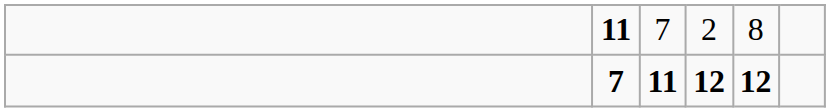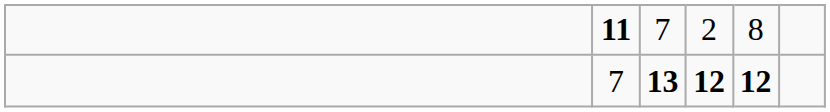 <table class="wikitable">
 <tr>
 <td style="width:18em"></td>
 <td align=center style="width:1em"><strong>11</strong></td>
 <td align=center style="width:1em">7</td>
 <td align=center style="width:1em">2</td>
 <td align=center style="width:1em">8</td>
 <td align=center style="width:1em"></td>
 </tr>
 <tr>
 <td style="width:18em"><strong></strong></td>
-<td align=center style="width:1em"><strong>7</strong></td>
-<td align=center style="width:1em"><strong>11</strong></td>
+<td align=center style="width:1em">7</td>
+<td align=center style="width:1em"><strong>13</strong></td>
 <td align=center style="width:1em"><strong>12</strong></td>
 <td align=center style="width:1em"><strong>12</strong></td>
 <td align=center style="width:1em"></td>
 </tr>
 </table>
